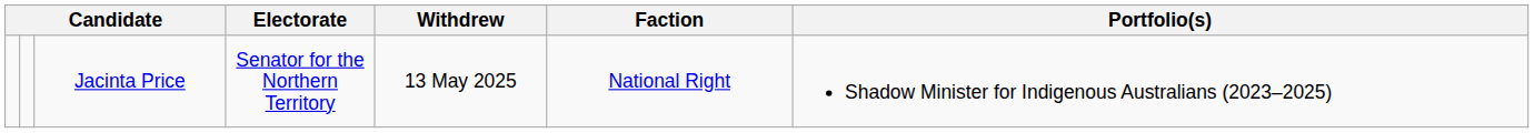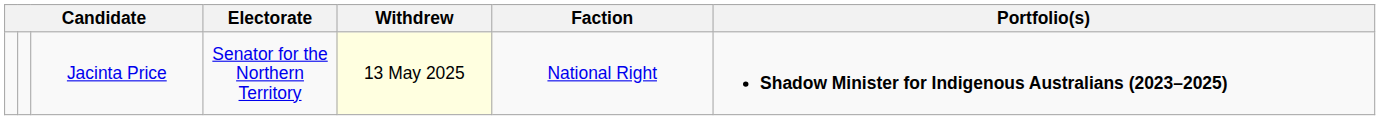 <table class="wikitable" style="text-align:center">
 <tr>
 <th width=175px; colspan=3>Candidate</th>
 <th width=115px>Electorate</th>
 <th width=135px>Withdrew</th>
 <th width=195px>Faction</th>
 <th width=600px>Portfolio(s)</th>
 </tr>
 <tr>
 <td width="3pt" > </td>
 <td></td>
 <td><a href='#'>Jacinta Price</a></td>
 <td><a href='#'>Senator for the Northern Territory</a></td>
-<td>13 May 2025</td>
+<td style="background: lightyellow;">13 May 2025</td>
 <td><a href='#'>National Right</a></td>
-<td align=left><br><ul><li>Shadow Minister for Indigenous Australians (2023–2025)</li></ul></td>
+<td align=left><strong><br><ul><li>Shadow Minister for Indigenous Australians (2023–2025)</li></ul></strong></td>
 </tr>
 </table>
